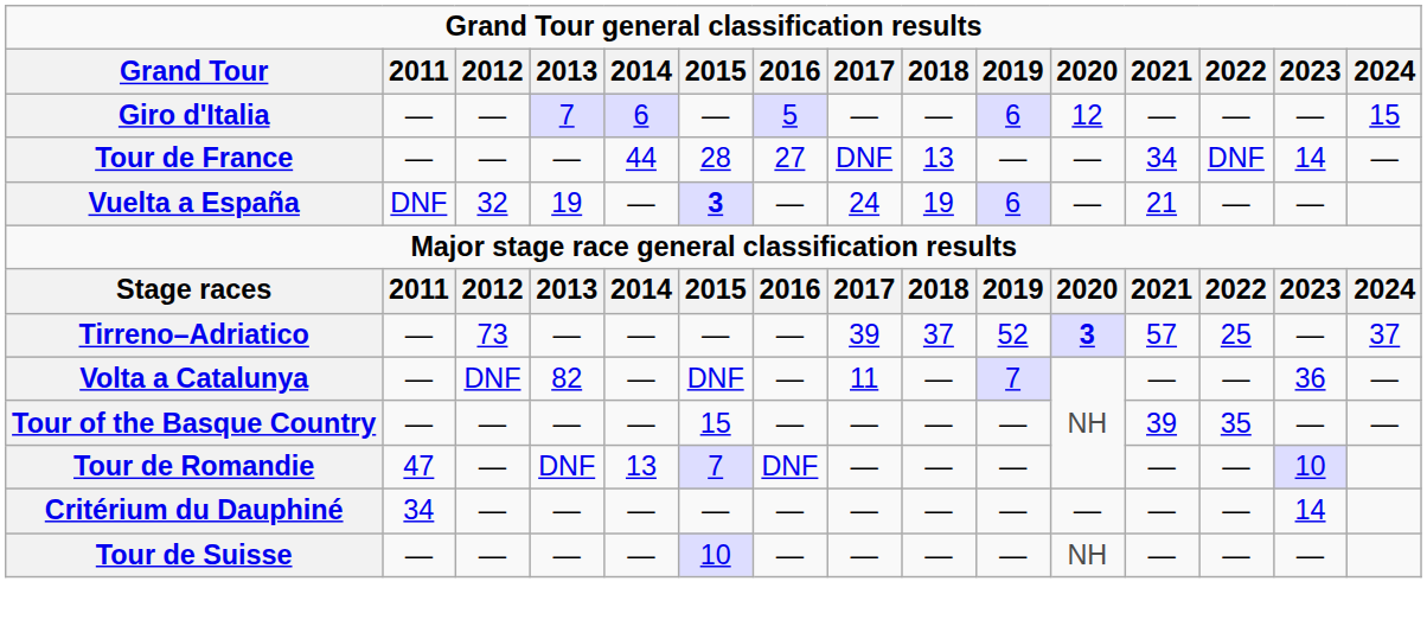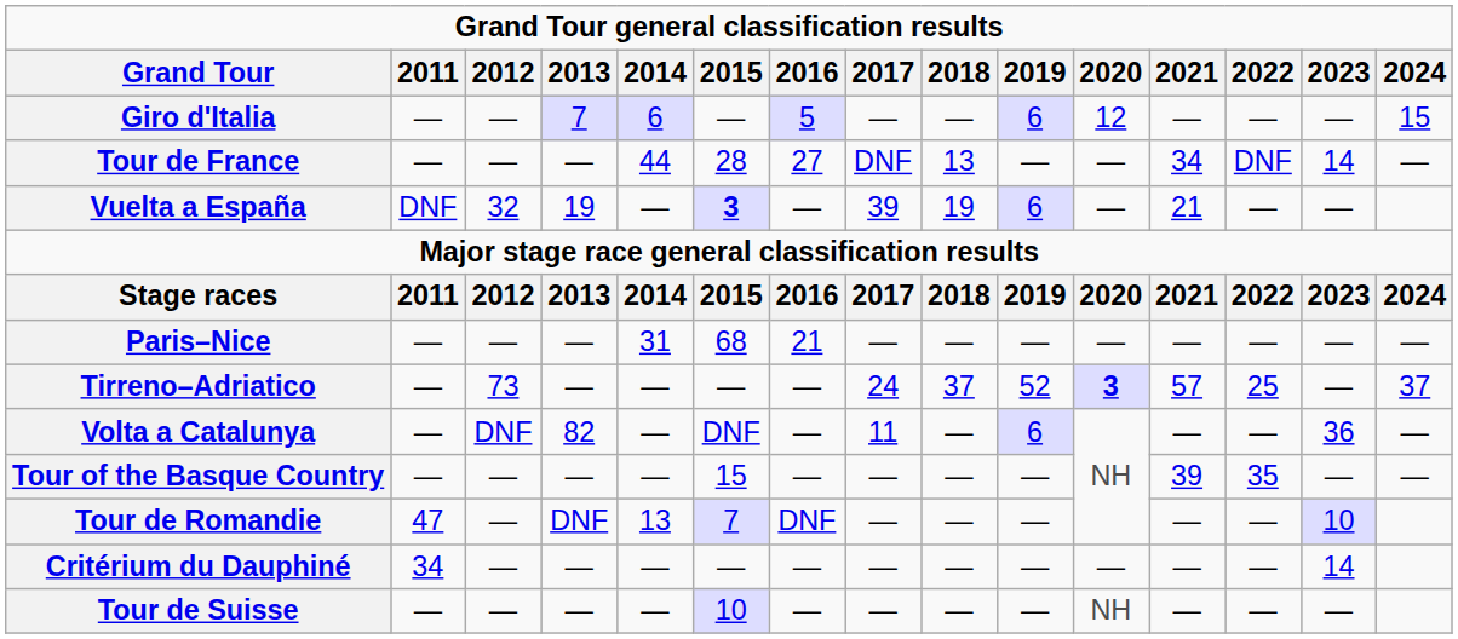 <table class="wikitable plainrowheaders">
 <tr>
 <td colspan=15 align="center"><strong>Grand Tour general classification results</strong></td>
 </tr>
 <tr>
 <th scope="col"><a href='#'>Grand Tour</a></th>
 <th scope="col">2011</th>
 <th scope="col">2012</th>
 <th scope="col">2013</th>
 <th scope="col">2014</th>
 <th scope="col">2015</th>
 <th scope="col">2016</th>
 <th scope="col">2017</th>
 <th scope="col">2018</th>
 <th scope="col">2019</th>
 <th scope="col">2020</th>
 <th scope="col">2021</th>
 <th scope="col">2022</th>
 <th scope="col">2023</th>
 <th scope="col">2024</th>
 </tr>
 <tr style="text-align:center;">
 <th scope="row"> <a href='#'>Giro d'Italia</a></th>
 <td>—</td>
 <td>—</td>
 <td style="background:#ddf;"><a href='#'>7</a></td>
 <td style="background:#ddf;"><a href='#'>6</a></td>
 <td>—</td>
 <td style="background:#ddf;"><a href='#'>5</a></td>
 <td>—</td>
 <td>—</td>
 <td style="background:#ddf;"><a href='#'>6</a></td>
 <td><a href='#'>12</a></td>
 <td>—</td>
 <td>—</td>
 <td>—</td>
 <td><a href='#'>15</a></td>
 </tr>
 <tr style="text-align:center;">
 <th scope="row"> <a href='#'>Tour de France</a></th>
 <td>—</td>
 <td>—</td>
 <td>—</td>
 <td><a href='#'>44</a></td>
 <td><a href='#'>28</a></td>
 <td><a href='#'>27</a></td>
 <td><a href='#'>DNF</a></td>
 <td><a href='#'>13</a></td>
 <td>—</td>
 <td>—</td>
 <td><a href='#'>34</a></td>
 <td><a href='#'>DNF</a></td>
 <td><a href='#'>14</a></td>
 <td>—</td>
 </tr>
 <tr style="text-align:center;">
 <th scope="row"> <a href='#'>Vuelta a España</a></th>
 <td><a href='#'>DNF</a></td>
 <td><a href='#'>32</a></td>
 <td><a href='#'>19</a></td>
 <td>—</td>
 <td style="background:#ddf;"><a href='#'><strong>3</strong></a></td>
 <td>—</td>
-<td><a href='#'>24</a></td>
+<td><a href='#'>39</a></td>
 <td><a href='#'>19</a></td>
 <td style="background:#ddf;"><a href='#'>6</a></td>
 <td>—</td>
 <td><a href='#'>21</a></td>
 <td>—</td>
 <td>—</td>
 <td></td>
 </tr>
 <tr>
 <td colspan=15 align="center"><strong>Major stage race general classification results</strong></td>
 </tr>
 <tr>
 <th scope="col">Stage races</th>
 <th scope="col">2011</th>
 <th scope="col">2012</th>
 <th scope="col">2013</th>
 <th scope="col">2014</th>
 <th scope="col">2015</th>
 <th scope="col">2016</th>
 <th scope="col">2017</th>
 <th scope="col">2018</th>
 <th scope="col">2019</th>
 <th scope="col">2020</th>
 <th scope="col">2021</th>
 <th scope="col">2022</th>
 <th scope="col">2023</th>
 <th scope="col">2024</th>
 </tr>
 <tr style="text-align:center;">
+<th scope="row"> <a href='#'>Paris–Nice</a></th>
+<td>—</td>
+<td>—</td>
+<td>—</td>
+<td><a href='#'>31</a></td>
+<td><a href='#'>68</a></td>
+<td><a href='#'>21</a></td>
+<td>—</td>
+<td>—</td>
+<td>—</td>
+<td>—</td>
+<td>—</td>
+<td>—</td>
+<td>—</td>
+<td>—</td>
+</tr>
+<tr style="text-align:center;">
 <th scope="row"> <a href='#'>Tirreno–Adriatico</a></th>
 <td>—</td>
 <td><a href='#'>73</a></td>
 <td>—</td>
 <td>—</td>
 <td>—</td>
 <td>—</td>
-<td><a href='#'>39</a></td>
+<td><a href='#'>24</a></td>
 <td><a href='#'>37</a></td>
 <td><a href='#'>52</a></td>
 <td style="background:#ddf;"><a href='#'><strong>3</strong></a></td>
 <td><a href='#'>57</a></td>
 <td><a href='#'>25</a></td>
 <td>—</td>
 <td><a href='#'>37</a></td>
 </tr>
 <tr style="text-align:center;">
 <th scope="row"> <a href='#'>Volta a Catalunya</a></th>
 <td>—</td>
 <td><a href='#'>DNF</a></td>
 <td><a href='#'>82</a></td>
 <td>—</td>
 <td><a href='#'>DNF</a></td>
 <td>—</td>
 <td><a href='#'>11</a></td>
 <td>—</td>
-<td style="background:#ddf;"><a href='#'>7</a></td>
+<td style="background:#ddf;"><a href='#'>6</a></td>
 <td style="color:#4d4d4d;" rowspan=3>NH</td>
 <td>—</td>
 <td>—</td>
 <td><a href='#'>36</a></td>
 <td>—</td>
 </tr>
 <tr style="text-align:center;">
 <th scope="row"> <a href='#'>Tour of the Basque Country</a></th>
 <td>—</td>
 <td>—</td>
 <td>—</td>
 <td>—</td>
 <td><a href='#'>15</a></td>
 <td>—</td>
 <td>—</td>
 <td>—</td>
 <td>—</td>
 <td><a href='#'>39</a></td>
 <td><a href='#'>35</a></td>
 <td>—</td>
 <td>—</td>
 </tr>
 <tr style="text-align:center;">
 <th scope="row"> <a href='#'>Tour de Romandie</a></th>
 <td><a href='#'>47</a></td>
 <td>—</td>
 <td><a href='#'>DNF</a></td>
 <td><a href='#'>13</a></td>
 <td style="background:#ddf;"><a href='#'>7</a></td>
 <td><a href='#'>DNF</a></td>
 <td>—</td>
 <td>—</td>
 <td>—</td>
 <td>—</td>
 <td>—</td>
 <td style="background:#ddf;"><a href='#'>10</a></td>
 <td></td>
 </tr>
 <tr style="text-align:center;">
 <th scope="row"> <a href='#'>Critérium du Dauphiné</a></th>
 <td><a href='#'>34</a></td>
 <td>—</td>
 <td>—</td>
 <td>—</td>
 <td>—</td>
 <td>—</td>
 <td>—</td>
 <td>—</td>
 <td>—</td>
 <td>—</td>
 <td>—</td>
 <td>—</td>
 <td><a href='#'>14</a></td>
 <td></td>
 </tr>
 <tr style="text-align:center;">
 <th scope="row"> <a href='#'>Tour de Suisse</a></th>
 <td>—</td>
 <td>—</td>
 <td>—</td>
 <td>—</td>
 <td style="background:#ddf;"><a href='#'>10</a></td>
 <td>—</td>
 <td>—</td>
 <td>—</td>
 <td>—</td>
 <td style="color:#4d4d4d;">NH</td>
 <td>—</td>
 <td>—</td>
 <td>—</td>
 <td></td>
 </tr>
 </table>
